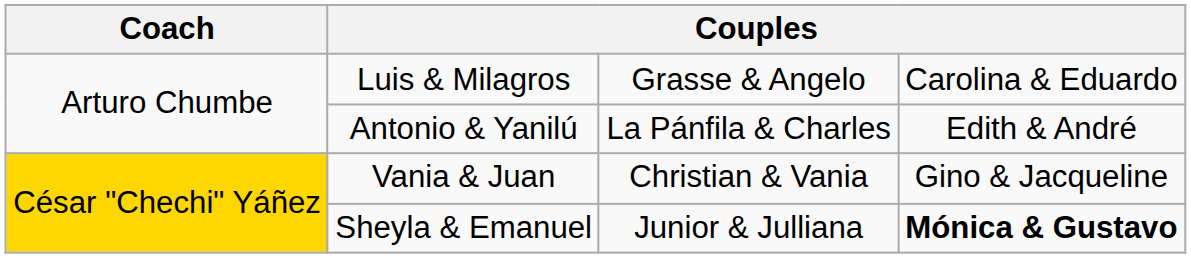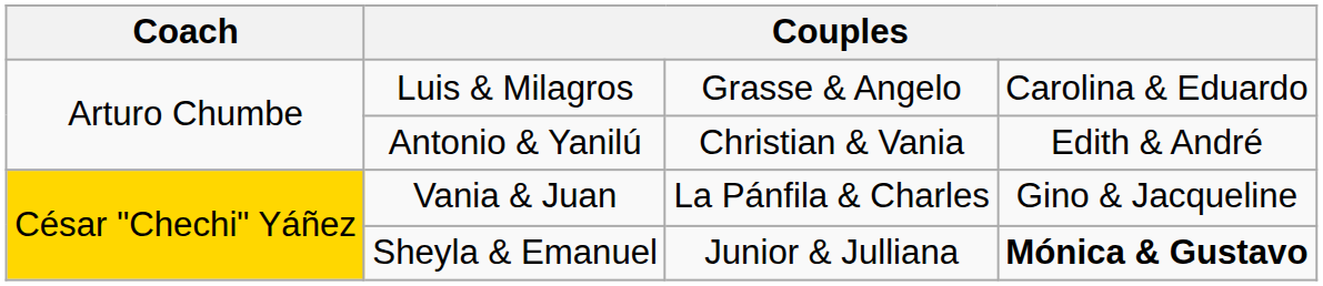 <table class="wikitable" style="text-align: center; margin:auto; align: center">
 <tr>
 <th>Coach</th>
 <th colspan=3>Couples</th>
 </tr>
 <tr>
 <td rowspan=2>Arturo Chumbe</td>
 <td>Luis & Milagros</td>
 <td>Grasse & Angelo</td>
 <td>Carolina & Eduardo</td>
 </tr>
 <tr>
 <td>Antonio & Yanilú</td>
-<td>La Pánfila & Charles</td>
+<td>Christian & Vania</td>
 <td>Edith & André</td>
 </tr>
 <tr>
 <td style="background:gold" rowspan=2>César "Chechi" Yáñez</td>
 <td>Vania & Juan</td>
-<td>Christian & Vania</td>
+<td>La Pánfila & Charles</td>
 <td>Gino & Jacqueline</td>
 </tr>
 <tr>
 <td>Sheyla & Emanuel</td>
 <td>Junior & Julliana</td>
 <td><strong>Mónica & Gustavo</strong></td>
 </tr>
 </table>
